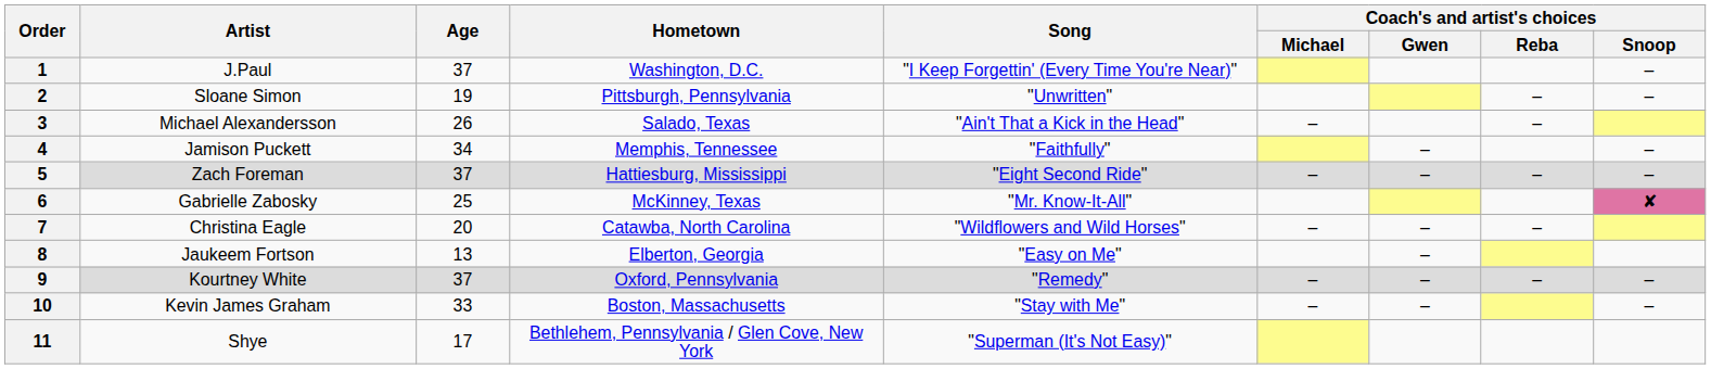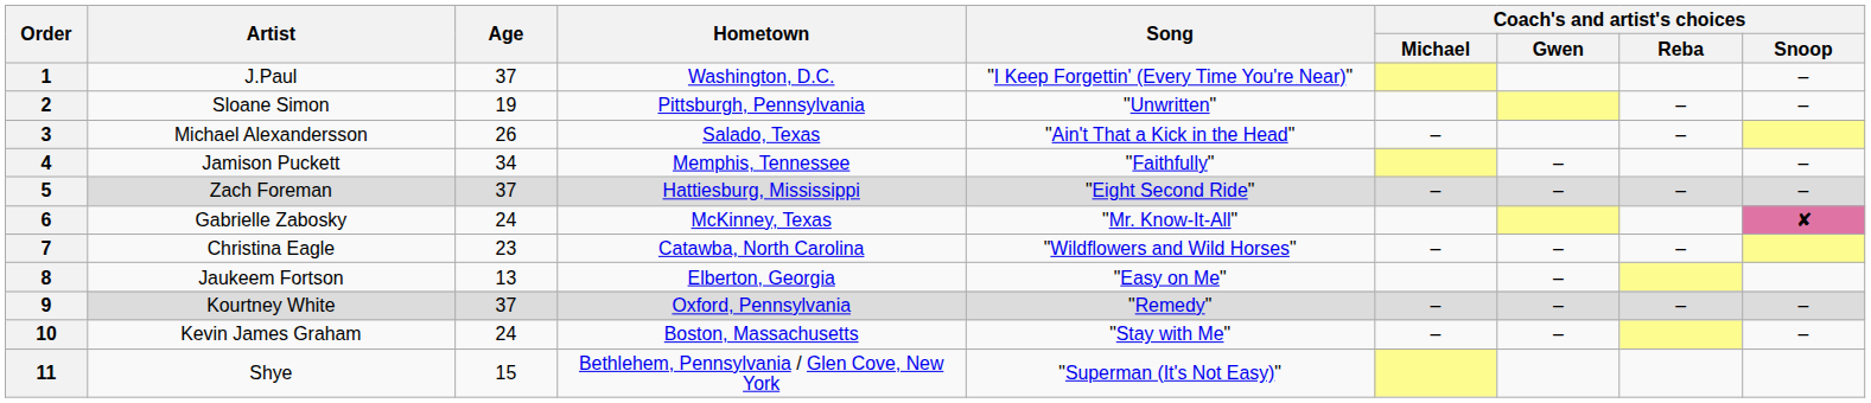 <table class="wikitable" style="text-align:center; line-height:17px; width:100%">
 <tr>
 <th scope="col" rowspan="2" style="width:04%">Order</th>
 <th scope="col" rowspan="2" style="width:18%">Artist</th>
 <th scope="col" rowspan="2" style="width:05%">Age</th>
 <th scope="col" rowspan="2" style="width:20%">Hometown</th>
 <th scope="col" rowspan="2" style="width:20%">Song</th>
 <th scope="col" colspan="4" style="width:24%">Coach's and artist's choices</th>
 </tr>
 <tr>
 <th style="width:06%">Michael</th>
 <th style="width:06%">Gwen</th>
 <th style="width:06%">Reba</th>
 <th style="width:06%">Snoop</th>
 </tr>
 <tr>
 <th>1</th>
 <td>J.Paul</td>
 <td>37</td>
 <td><a href='#'>Washington, D.C.</a></td>
 <td>"<a href='#'>I Keep Forgettin' (Every Time You're Near)</a>"</td>
 <td style="background:#fdfc8f"><em></em></td>
 <td><em></em></td>
 <td><em></em></td>
 <td>–</td>
 </tr>
 <tr>
 <th>2</th>
 <td>Sloane Simon</td>
 <td>19</td>
 <td><a href='#'>Pittsburgh, Pennsylvania</a></td>
 <td>"<a href='#'>Unwritten</a>"</td>
 <td><em></em></td>
 <td style="background:#fdfc8f"><em></em></td>
 <td>–</td>
 <td>–</td>
 </tr>
 <tr>
 <th>3</th>
 <td>Michael Alexandersson</td>
 <td>26</td>
 <td><a href='#'>Salado, Texas</a></td>
 <td>"<a href='#'>Ain't That a Kick in the Head</a>"</td>
 <td>–</td>
 <td><em></em></td>
 <td>–</td>
 <td style="background:#fdfc8f"><em></em></td>
 </tr>
 <tr>
 <th>4</th>
 <td>Jamison Puckett</td>
 <td>34</td>
 <td><a href='#'>Memphis, Tennessee</a></td>
 <td>"<a href='#'>Faithfully</a>"</td>
 <td style="background:#fdfc8f"><em></em></td>
 <td>–</td>
 <td><em></em></td>
 <td>–</td>
 </tr>
 <tr bgcolor=#DCDCDC>
 <th>5</th>
 <td>Zach Foreman</td>
 <td>37</td>
 <td><a href='#'>Hattiesburg, Mississippi</a></td>
 <td>"<a href='#'>Eight Second Ride</a>"</td>
 <td>–</td>
 <td>–</td>
 <td>–</td>
 <td>–</td>
 </tr>
 <tr>
 <th>6</th>
 <td>Gabrielle Zabosky</td>
-<td>25</td>
+<td>24</td>
 <td><a href='#'>McKinney, Texas</a></td>
 <td>"<a href='#'>Mr. Know-It-All</a>"</td>
 <td><em></em></td>
 <td style="background:#fdfc8f"><em></em></td>
 <td><em></em></td>
 <td style="background:#df74a4">✘</td>
 </tr>
 <tr>
 <th>7</th>
 <td>Christina Eagle</td>
-<td>20</td>
+<td>23</td>
 <td><a href='#'>Catawba, North Carolina</a></td>
 <td>"<a href='#'>Wildflowers and Wild Horses</a>"</td>
 <td>–</td>
 <td>–</td>
 <td>–</td>
 <td style="background:#fdfc8f"><em></em></td>
 </tr>
 <tr>
 <th>8</th>
 <td>Jaukeem Fortson</td>
 <td>13</td>
 <td><a href='#'>Elberton, Georgia</a></td>
 <td>"<a href='#'>Easy on Me</a>"</td>
 <td><em></em></td>
 <td>–</td>
 <td style="background:#fdfc8f"><em></em></td>
 <td><em></em></td>
 </tr>
 <tr bgcolor=#DCDCDC>
 <th>9</th>
 <td>Kourtney White</td>
 <td>37</td>
 <td><a href='#'>Oxford, Pennsylvania</a></td>
 <td>"<a href='#'>Remedy</a>"</td>
 <td>–</td>
 <td>–</td>
 <td>–</td>
 <td>–</td>
 </tr>
 <tr>
 <th>10</th>
 <td>Kevin James Graham</td>
-<td>33</td>
+<td>24</td>
 <td><a href='#'>Boston, Massachusetts</a></td>
 <td>"<a href='#'>Stay with Me</a>"</td>
 <td>–</td>
 <td>–</td>
 <td style="background:#fdfc8f"><em></em></td>
 <td>–</td>
 </tr>
 <tr>
 <th>11</th>
 <td>Shye</td>
-<td>17</td>
+<td>15</td>
 <td><a href='#'>Bethlehem, Pennsylvania</a> / <a href='#'>Glen Cove, New York</a></td>
 <td>"<a href='#'>Superman (It's Not Easy)</a>"</td>
 <td style="background:#fdfc8f"><em></em></td>
 <td><em></em></td>
 <td><em></em></td>
 <td><em></em></td>
 </tr>
 </table>
